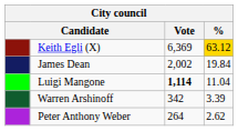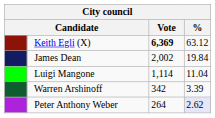 <table class="wikitable">
 <tr>
 <th colspan="4">City council</th>
 </tr>
 <tr>
 <th bgcolor="#DDDDFF" width="230px" colspan="2">Candidate</th>
 <th bgcolor="#DDDDFF" width="50px">Vote</th>
 <th bgcolor="#DDDDFF" width="30px">%</th>
 </tr>
 <tr>
 <td bgcolor=#8C120A width="30px"> </td>
 <td>  <a href='#'>Keith Egli</a> (X)</td>
-<td>6,369</td>
-<td style="background: gold;">63.12</td>
+<td><strong>6,369</strong></td>
+<td>63.12</td>
 </tr>
 <tr>
 <td bgcolor=#131C62 width="30px"> </td>
 <td>  James Dean</td>
 <td>2,002</td>
 <td>19.84</td>
 </tr>
 <tr>
 <td bgcolor=#00FF00 width="30px"> </td>
 <td>  Luigi Mangone</td>
-<td><strong>1,114</strong></td>
+<td>1,114</td>
 <td>11.04</td>
 </tr>
 <tr>
 <td bgcolor=#0f5c2e width="30px"> </td>
 <td>  Warren Arshinoff</td>
 <td>342</td>
 <td>3.39</td>
 </tr>
 <tr>
 <td bgcolor=#AC23DB width="30px"> </td>
 <td>  Peter Anthony Weber</td>
 <td>264</td>
-<td>2.62</td>
+<td style="background: lavender;">2.62</td>
 </tr>
 </table>
